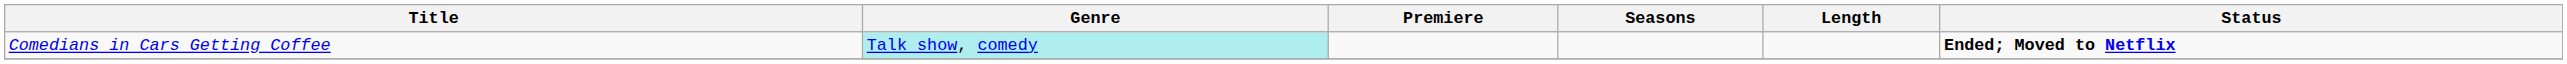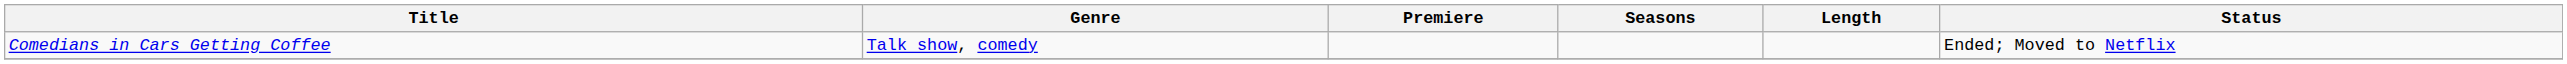 <table class="wikitable sortable" style="width:100%;">
 <tr>
 <th>Title</th>
 <th>Genre</th>
 <th>Premiere</th>
 <th>Seasons</th>
 <th>Length</th>
 <th>Status</th>
 </tr>
 <tr>
 <td><em><a href='#'>Comedians in Cars Getting Coffee</a></em></td>
-<td style="background: paleturquoise;"><a href='#'>Talk show</a>, <a href='#'>comedy</a></td>
+<td><a href='#'>Talk show</a>, <a href='#'>comedy</a></td>
 <td></td>
 <td></td>
 <td></td>
-<td><strong>Ended; Moved to <a href='#'>Netflix</a></strong></td>
+<td>Ended; Moved to <a href='#'>Netflix</a></td>
 </tr>
 <tr>
 </tr>
 </table>
